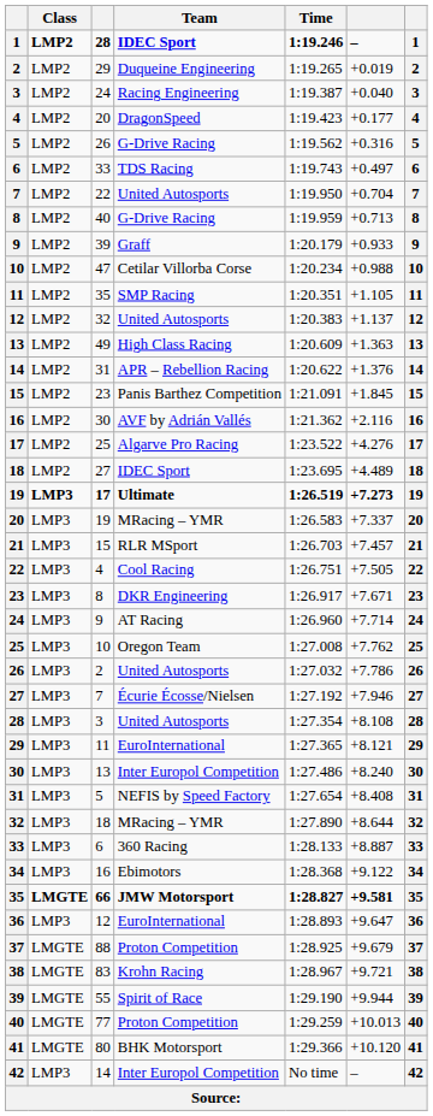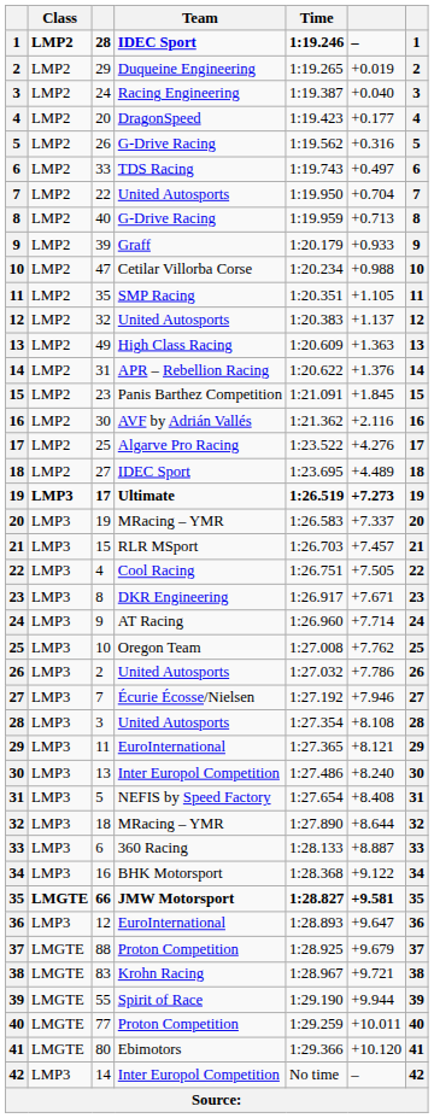 <table class="wikitable" style="font-size:85%;">
 <tr>
 <th></th>
 <th>Class</th>
 <th></th>
 <th>Team</th>
 <th>Time</th>
 <th></th>
 <th></th>
 </tr>
 <tr style="font-weight:bold;">
 <th>1</th>
 <td>LMP2</td>
 <td>28</td>
 <td> <a href='#'>IDEC Sport</a></td>
 <td>1:19.246</td>
 <td>–</td>
 <th>1</th>
 </tr>
 <tr>
 <th>2</th>
 <td>LMP2</td>
 <td>29</td>
 <td> <a href='#'>Duqueine Engineering</a></td>
 <td>1:19.265</td>
 <td>+0.019</td>
 <th>2</th>
 </tr>
 <tr>
 <th>3</th>
 <td>LMP2</td>
 <td>24</td>
 <td> <a href='#'>Racing Engineering</a></td>
 <td>1:19.387</td>
 <td>+0.040</td>
 <th>3</th>
 </tr>
 <tr>
 <th>4</th>
 <td>LMP2</td>
 <td>20</td>
 <td> <a href='#'>DragonSpeed</a></td>
 <td>1:19.423</td>
 <td>+0.177</td>
 <th>4</th>
 </tr>
 <tr>
 <th>5</th>
 <td>LMP2</td>
 <td>26</td>
 <td> <a href='#'>G-Drive Racing</a></td>
 <td>1:19.562</td>
 <td>+0.316</td>
 <th>5</th>
 </tr>
 <tr>
 <th>6</th>
 <td>LMP2</td>
 <td>33</td>
 <td> <a href='#'>TDS Racing</a></td>
 <td>1:19.743</td>
 <td>+0.497</td>
 <th>6</th>
 </tr>
 <tr>
 <th>7</th>
 <td>LMP2</td>
 <td>22</td>
 <td> <a href='#'>United Autosports</a></td>
 <td>1:19.950</td>
 <td>+0.704</td>
 <th>7</th>
 </tr>
 <tr>
 <th>8</th>
 <td>LMP2</td>
 <td>40</td>
 <td> <a href='#'>G-Drive Racing</a></td>
 <td>1:19.959</td>
 <td>+0.713</td>
 <th>8</th>
 </tr>
 <tr>
 <th>9</th>
 <td>LMP2</td>
 <td>39</td>
 <td> <a href='#'>Graff</a></td>
 <td>1:20.179</td>
 <td>+0.933</td>
 <th>9</th>
 </tr>
 <tr>
 <th>10</th>
 <td>LMP2</td>
 <td>47</td>
 <td> Cetilar Villorba Corse</td>
 <td>1:20.234</td>
 <td>+0.988</td>
 <th>10</th>
 </tr>
 <tr>
 <th>11</th>
 <td>LMP2</td>
 <td>35</td>
 <td> <a href='#'>SMP Racing</a></td>
 <td>1:20.351</td>
 <td>+1.105</td>
 <th>11</th>
 </tr>
 <tr>
 <th>12</th>
 <td>LMP2</td>
 <td>32</td>
 <td> <a href='#'>United Autosports</a></td>
 <td>1:20.383</td>
 <td>+1.137</td>
 <th>12</th>
 </tr>
 <tr>
 <th>13</th>
 <td>LMP2</td>
 <td>49</td>
 <td> <a href='#'>High Class Racing</a></td>
 <td>1:20.609</td>
 <td>+1.363</td>
 <th>13</th>
 </tr>
 <tr>
 <th>14</th>
 <td>LMP2</td>
 <td>31</td>
 <td> <a href='#'>APR</a> – <a href='#'>Rebellion Racing</a></td>
 <td>1:20.622</td>
 <td>+1.376</td>
 <th>14</th>
 </tr>
 <tr>
 <th>15</th>
 <td>LMP2</td>
 <td>23</td>
 <td> Panis Barthez Competition</td>
 <td>1:21.091</td>
 <td>+1.845</td>
 <th>15</th>
 </tr>
 <tr>
 <th>16</th>
 <td>LMP2</td>
 <td>30</td>
 <td> <a href='#'>AVF</a> by <a href='#'>Adrián Vallés</a></td>
 <td>1:21.362</td>
 <td>+2.116</td>
 <th>16</th>
 </tr>
 <tr>
 <th>17</th>
 <td>LMP2</td>
 <td>25</td>
 <td> <a href='#'>Algarve Pro Racing</a></td>
 <td>1:23.522</td>
 <td>+4.276</td>
 <th>17</th>
 </tr>
 <tr>
 <th>18</th>
 <td>LMP2</td>
 <td>27</td>
 <td> <a href='#'>IDEC Sport</a></td>
 <td>1:23.695</td>
 <td>+4.489</td>
 <th>18</th>
 </tr>
 <tr style="font-weight:bold;">
 <th>19</th>
 <td>LMP3</td>
 <td>17</td>
 <td> Ultimate</td>
 <td>1:26.519</td>
 <td>+7.273</td>
 <th>19</th>
 </tr>
 <tr>
 <th>20</th>
 <td>LMP3</td>
 <td>19</td>
 <td> MRacing – YMR</td>
 <td>1:26.583</td>
 <td>+7.337</td>
 <th>20</th>
 </tr>
 <tr>
 <th>21</th>
 <td>LMP3</td>
 <td>15</td>
 <td> RLR MSport</td>
 <td>1:26.703</td>
 <td>+7.457</td>
 <th>21</th>
 </tr>
 <tr>
 <th>22</th>
 <td>LMP3</td>
 <td>4</td>
 <td> <a href='#'>Cool Racing</a></td>
 <td>1:26.751</td>
 <td>+7.505</td>
 <th>22</th>
 </tr>
 <tr>
 <th>23</th>
 <td>LMP3</td>
 <td>8</td>
 <td> <a href='#'>DKR Engineering</a></td>
 <td>1:26.917</td>
 <td>+7.671</td>
 <th>23</th>
 </tr>
 <tr>
 <th>24</th>
 <td>LMP3</td>
 <td>9</td>
 <td> AT Racing</td>
 <td>1:26.960</td>
 <td>+7.714</td>
 <th>24</th>
 </tr>
 <tr>
 <th>25</th>
 <td>LMP3</td>
 <td>10</td>
 <td> Oregon Team</td>
 <td>1:27.008</td>
 <td>+7.762</td>
 <th>25</th>
 </tr>
 <tr>
 <th>26</th>
 <td>LMP3</td>
 <td>2</td>
 <td> <a href='#'>United Autosports</a></td>
 <td>1:27.032</td>
 <td>+7.786</td>
 <th>26</th>
 </tr>
 <tr>
 <th>27</th>
 <td>LMP3</td>
 <td>7</td>
 <td> <a href='#'>Écurie Écosse</a>/Nielsen</td>
 <td>1:27.192</td>
 <td>+7.946</td>
 <th>27</th>
 </tr>
 <tr>
 <th>28</th>
 <td>LMP3</td>
 <td>3</td>
 <td> <a href='#'>United Autosports</a></td>
 <td>1:27.354</td>
 <td>+8.108</td>
 <th>28</th>
 </tr>
 <tr>
 <th>29</th>
 <td>LMP3</td>
 <td>11</td>
 <td> <a href='#'>EuroInternational</a></td>
 <td>1:27.365</td>
 <td>+8.121</td>
 <th>29</th>
 </tr>
 <tr>
 <th>30</th>
 <td>LMP3</td>
 <td>13</td>
 <td> <a href='#'>Inter Europol Competition</a></td>
 <td>1:27.486</td>
 <td>+8.240</td>
 <th>30</th>
 </tr>
 <tr>
 <th>31</th>
 <td>LMP3</td>
 <td>5</td>
 <td> NEFIS by <a href='#'>Speed Factory</a></td>
 <td>1:27.654</td>
 <td>+8.408</td>
 <th>31</th>
 </tr>
 <tr>
 <th>32</th>
 <td>LMP3</td>
 <td>18</td>
 <td> MRacing – YMR</td>
 <td>1:27.890</td>
 <td>+8.644</td>
 <th>32</th>
 </tr>
 <tr>
 <th>33</th>
 <td>LMP3</td>
 <td>6</td>
 <td> 360 Racing</td>
 <td>1:28.133</td>
 <td>+8.887</td>
 <th>33</th>
 </tr>
 <tr>
 <th>34</th>
 <td>LMP3</td>
 <td>16</td>
-<td> Ebimotors</td>
+<td> BHK Motorsport</td>
 <td>1:28.368</td>
 <td>+9.122</td>
 <th>34</th>
 </tr>
 <tr style="font-weight:bold;">
 <th>35</th>
 <td>LMGTE</td>
 <td>66</td>
 <td> JMW Motorsport</td>
 <td>1:28.827</td>
 <td>+9.581</td>
 <th>35</th>
 </tr>
 <tr>
 <th>36</th>
 <td>LMP3</td>
 <td>12</td>
 <td> <a href='#'>EuroInternational</a></td>
 <td>1:28.893</td>
 <td>+9.647</td>
 <th>36</th>
 </tr>
 <tr>
 <th>37</th>
 <td>LMGTE</td>
 <td>88</td>
 <td> <a href='#'>Proton Competition</a></td>
 <td>1:28.925</td>
 <td>+9.679</td>
 <th>37</th>
 </tr>
 <tr>
 <th>38</th>
 <td>LMGTE</td>
 <td>83</td>
 <td> <a href='#'>Krohn Racing</a></td>
 <td>1:28.967</td>
 <td>+9.721</td>
 <th>38</th>
 </tr>
 <tr>
 <th>39</th>
 <td>LMGTE</td>
 <td>55</td>
 <td> <a href='#'>Spirit of Race</a></td>
 <td>1:29.190</td>
 <td>+9.944</td>
 <th>39</th>
 </tr>
 <tr>
 <th>40</th>
 <td>LMGTE</td>
 <td>77</td>
 <td> <a href='#'>Proton Competition</a></td>
 <td>1:29.259</td>
-<td>+10.013</td>
+<td>+10.011</td>
 <th>40</th>
 </tr>
 <tr>
 <th>41</th>
 <td>LMGTE</td>
 <td>80</td>
-<td> BHK Motorsport</td>
+<td> Ebimotors</td>
 <td>1:29.366</td>
 <td>+10.120</td>
 <th>41</th>
 </tr>
 <tr>
 <th>42</th>
 <td>LMP3</td>
 <td>14</td>
 <td> <a href='#'>Inter Europol Competition</a></td>
 <td>No time</td>
 <td>–</td>
 <th>42</th>
 </tr>
 <tr>
 <th colspan=7>Source:</th>
 </tr>
 </table>
